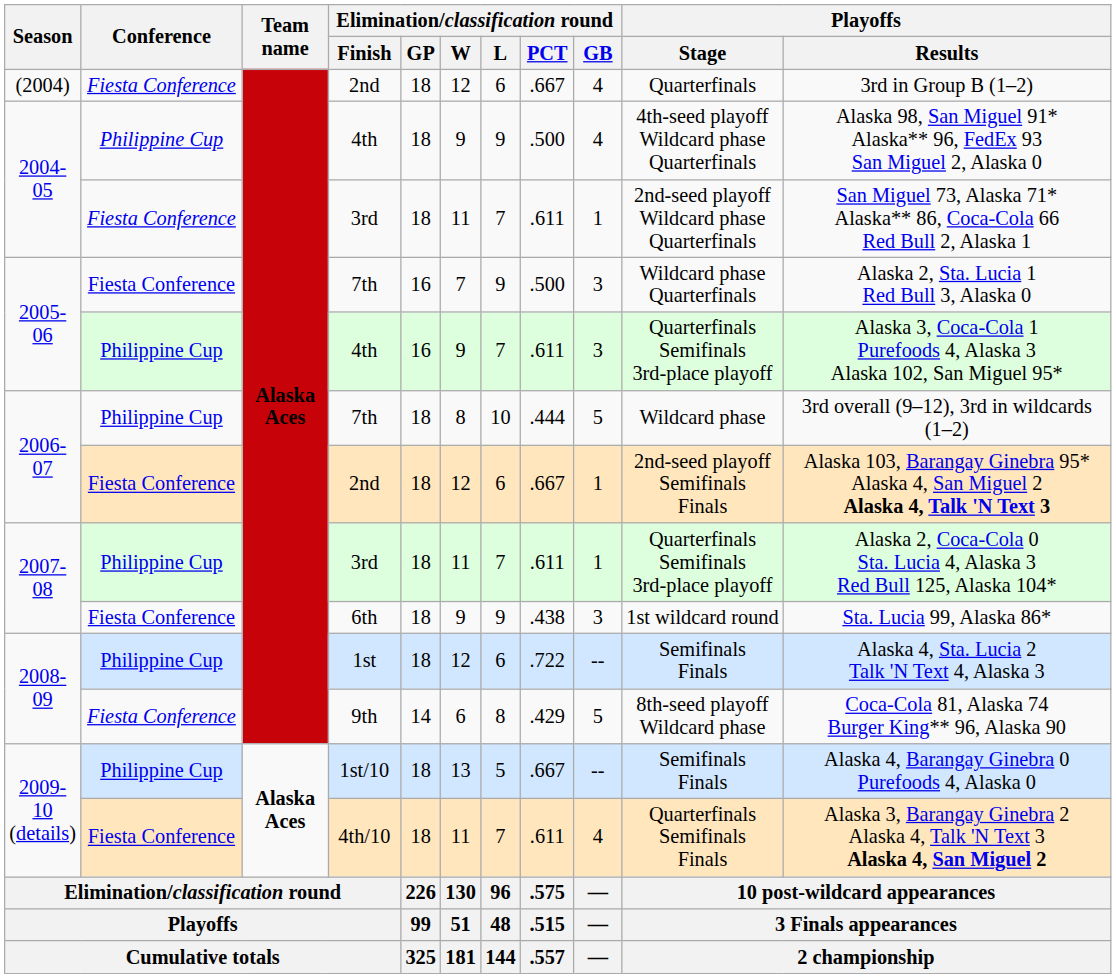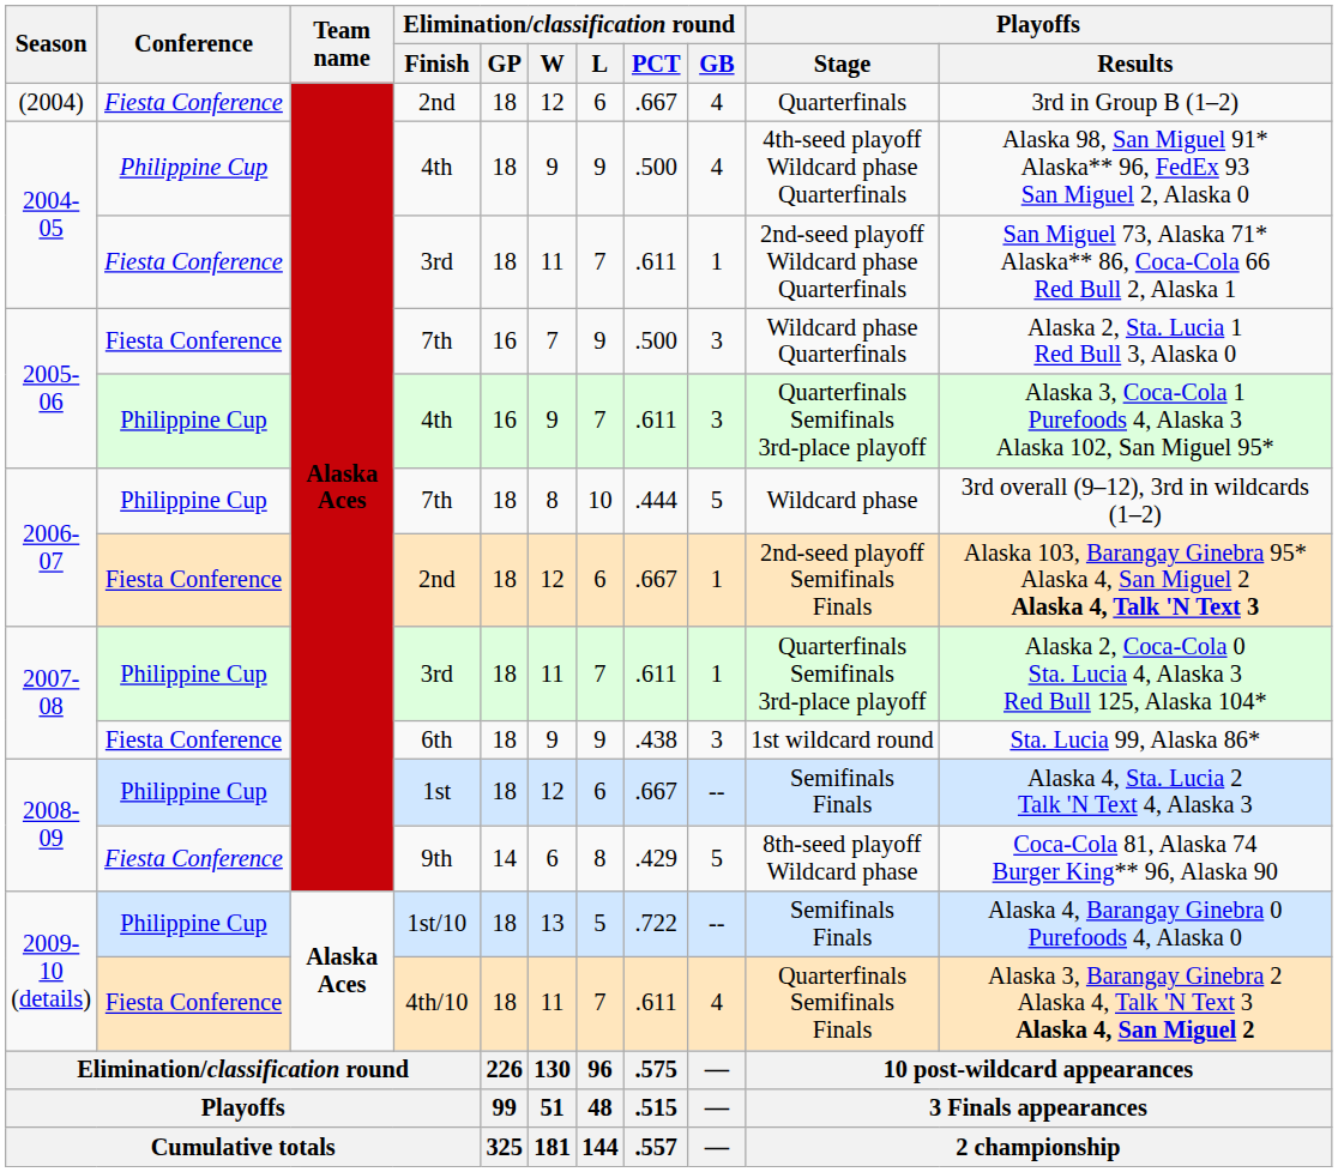 <table class=wikitable style="text-align:center;">
 <tr>
 <th width=50px rowspan=2>Season</th>
 <th width=120px rowspan=2>Conference</th>
 <th width=60px rowspan=2>Team name</th>
 <th colspan=6>Elimination/<em>classification</em> round</th>
 <th colspan=2>Playoffs</th>
 </tr>
 <tr>
 <th width=50px>Finish</th>
 <th width=20px>GP</th>
 <th width=20px>W</th>
 <th width=20px>L</th>
 <th width=35px><a href='#'>PCT</a></th>
 <th width=30px><a href='#'>GB</a></th>
 <th width=120px>Stage</th>
 <th width=250px>Results</th>
 </tr>
 <tr>
 <td>(2004)</td>
 <td><em><a href='#'>Fiesta Conference</a></em></td>
 <td rowspan=11 style="background:#C70309; color:#000000; "><span><strong>Alaska Aces</strong></span></td>
 <td>2nd</td>
 <td>18</td>
 <td>12</td>
 <td>6</td>
 <td>.667</td>
 <td>4</td>
 <td>Quarterfinals</td>
 <td>3rd in Group B (1–2)</td>
 </tr>
 <tr>
 <td rowspan=2><a href='#'>2004-05</a></td>
 <td><em><a href='#'>Philippine Cup</a></em></td>
 <td>4th</td>
 <td>18</td>
 <td>9</td>
 <td>9</td>
 <td>.500</td>
 <td>4</td>
 <td>4th-seed playoff<br>Wildcard phase<br>Quarterfinals</td>
 <td>Alaska 98, <a href='#'>San Miguel</a> 91*<br>Alaska** 96, <a href='#'>FedEx</a> 93<br><a href='#'>San Miguel</a> 2, Alaska 0</td>
 </tr>
 <tr>
 <td><em><a href='#'>Fiesta Conference</a></em></td>
 <td>3rd</td>
 <td>18</td>
 <td>11</td>
 <td>7</td>
 <td>.611</td>
 <td>1</td>
 <td>2nd-seed playoff<br>Wildcard phase<br>Quarterfinals</td>
 <td><a href='#'>San Miguel</a> 73, Alaska 71*<br>Alaska** 86, <a href='#'>Coca-Cola</a> 66<br><a href='#'>Red Bull</a> 2, Alaska 1</td>
 </tr>
 <tr>
 <td rowspan=2><a href='#'>2005-06</a></td>
 <td><a href='#'>Fiesta Conference</a></td>
 <td>7th</td>
 <td>16</td>
 <td>7</td>
 <td>9</td>
 <td>.500</td>
 <td>3</td>
 <td>Wildcard phase<br>Quarterfinals</td>
 <td>Alaska 2, <a href='#'>Sta. Lucia</a> 1<br><a href='#'>Red Bull</a> 3, Alaska 0</td>
 </tr>
 <tr bgcolor=#DDFFDD>
 <td><a href='#'>Philippine Cup</a></td>
 <td>4th</td>
 <td>16</td>
 <td>9</td>
 <td>7</td>
 <td>.611</td>
 <td>3</td>
 <td>Quarterfinals<br>Semifinals<br>3rd-place playoff</td>
 <td>Alaska 3, <a href='#'>Coca-Cola</a> 1<br><a href='#'>Purefoods</a> 4, Alaska 3<br>Alaska 102, San Miguel 95*</td>
 </tr>
 <tr>
 <td rowspan=2><a href='#'>2006-07</a></td>
 <td><a href='#'>Philippine Cup</a></td>
 <td>7th</td>
 <td>18</td>
 <td>8</td>
 <td>10</td>
 <td>.444</td>
 <td>5</td>
 <td>Wildcard phase</td>
 <td>3rd overall (9–12), 3rd in wildcards (1–2)</td>
 </tr>
 <tr bgcolor=#FFE6BD>
 <td><a href='#'>Fiesta Conference</a></td>
 <td>2nd</td>
 <td>18</td>
 <td>12</td>
 <td>6</td>
 <td>.667</td>
 <td>1</td>
 <td>2nd-seed playoff<br>Semifinals<br>Finals</td>
 <td>Alaska 103, <a href='#'>Barangay Ginebra</a> 95*<br>Alaska 4, <a href='#'>San Miguel</a> 2<br><strong>Alaska 4, <a href='#'>Talk 'N Text</a> 3</strong></td>
 </tr>
 <tr>
 <td rowspan=2><a href='#'>2007-08</a></td>
 <td bgcolor=#DDFFDD><a href='#'>Philippine Cup</a></td>
 <td bgcolor=#DDFFDD>3rd</td>
 <td bgcolor=#DDFFDD>18</td>
 <td bgcolor=#DDFFDD>11</td>
 <td bgcolor=#DDFFDD>7</td>
 <td bgcolor=#DDFFDD>.611</td>
 <td bgcolor=#DDFFDD>1</td>
 <td bgcolor=#DDFFDD>Quarterfinals<br>Semifinals<br>3rd-place playoff</td>
 <td bgcolor=#DDFFDD>Alaska 2, <a href='#'>Coca-Cola</a> 0<br><a href='#'>Sta. Lucia</a> 4, Alaska 3<br><a href='#'>Red Bull</a> 125, Alaska 104*</td>
 </tr>
 <tr>
 <td><a href='#'>Fiesta Conference</a></td>
 <td>6th</td>
 <td>18</td>
 <td>9</td>
 <td>9</td>
 <td>.438</td>
 <td>3</td>
 <td>1st wildcard round</td>
 <td><a href='#'>Sta. Lucia</a> 99, Alaska 86*</td>
 </tr>
 <tr>
 <td rowspan=2><a href='#'>2008-09</a></td>
 <td bgcolor=#D0E7FF><a href='#'>Philippine Cup</a></td>
 <td bgcolor=#D0E7FF>1st</td>
 <td bgcolor=#D0E7FF>18</td>
 <td bgcolor=#D0E7FF>12</td>
 <td bgcolor=#D0E7FF>6</td>
-<td bgcolor=#D0E7FF>.722</td>
+<td bgcolor=#D0E7FF>.667</td>
 <td bgcolor=#D0E7FF>--</td>
 <td bgcolor=#D0E7FF>Semifinals<br>Finals</td>
 <td bgcolor=#D0E7FF>Alaska 4, <a href='#'>Sta. Lucia</a> 2<br><a href='#'>Talk 'N Text</a> 4, Alaska 3</td>
 </tr>
 <tr>
 <td><em><a href='#'>Fiesta Conference</a></em></td>
 <td>9th</td>
 <td>14</td>
 <td>6</td>
 <td>8</td>
 <td>.429</td>
 <td>5</td>
 <td>8th-seed playoff<br>Wildcard phase</td>
 <td><a href='#'>Coca-Cola</a> 81, Alaska 74<br><a href='#'>Burger King</a>** 96, Alaska 90</td>
 </tr>
 <tr>
 <td rowspan=2><a href='#'>2009-10</a><br>(<a href='#'>details</a>)</td>
 <td bgcolor=#D0E7FF><a href='#'>Philippine Cup</a></td>
 <td rowspan=2><strong>Alaska Aces</strong></td>
 <td bgcolor=#D0E7FF>1st/10</td>
 <td bgcolor=#D0E7FF>18</td>
 <td bgcolor=#D0E7FF>13</td>
 <td bgcolor=#D0E7FF>5</td>
-<td bgcolor=#D0E7FF>.667</td>
+<td bgcolor=#D0E7FF>.722</td>
 <td bgcolor=#D0E7FF>--</td>
 <td bgcolor=#D0E7FF>Semifinals<br>Finals</td>
 <td bgcolor=#D0E7FF>Alaska 4, <a href='#'>Barangay Ginebra</a> 0<br><a href='#'>Purefoods</a> 4, Alaska 0</td>
 </tr>
 <tr bgcolor=#FFE6BD>
 <td><a href='#'>Fiesta Conference</a></td>
 <td>4th/10</td>
 <td>18</td>
 <td>11</td>
 <td>7</td>
 <td>.611</td>
 <td>4</td>
 <td>Quarterfinals<br>Semifinals<br>Finals</td>
 <td>Alaska 3, <a href='#'>Barangay Ginebra</a> 2<br>Alaska 4, <a href='#'>Talk 'N Text</a> 3<br><strong>Alaska 4, <a href='#'>San Miguel</a> 2</strong></td>
 </tr>
 <tr>
 <th colspan=4>Elimination/<em>classification</em> round</th>
 <th>226</th>
 <th>130</th>
 <th>96</th>
 <th>.575</th>
 <th>—</th>
 <th colspan=2>10 post-wildcard appearances</th>
 </tr>
 <tr>
 <th colspan=4>Playoffs</th>
 <th>99</th>
 <th>51</th>
 <th>48</th>
 <th>.515</th>
 <th>—</th>
 <th colspan=2>3 Finals appearances</th>
 </tr>
 <tr>
 <th colspan=4>Cumulative totals</th>
 <th>325</th>
 <th>181</th>
 <th>144</th>
 <th>.557</th>
 <th>—</th>
 <th colspan=2>2 championship</th>
 </tr>
 </table>
